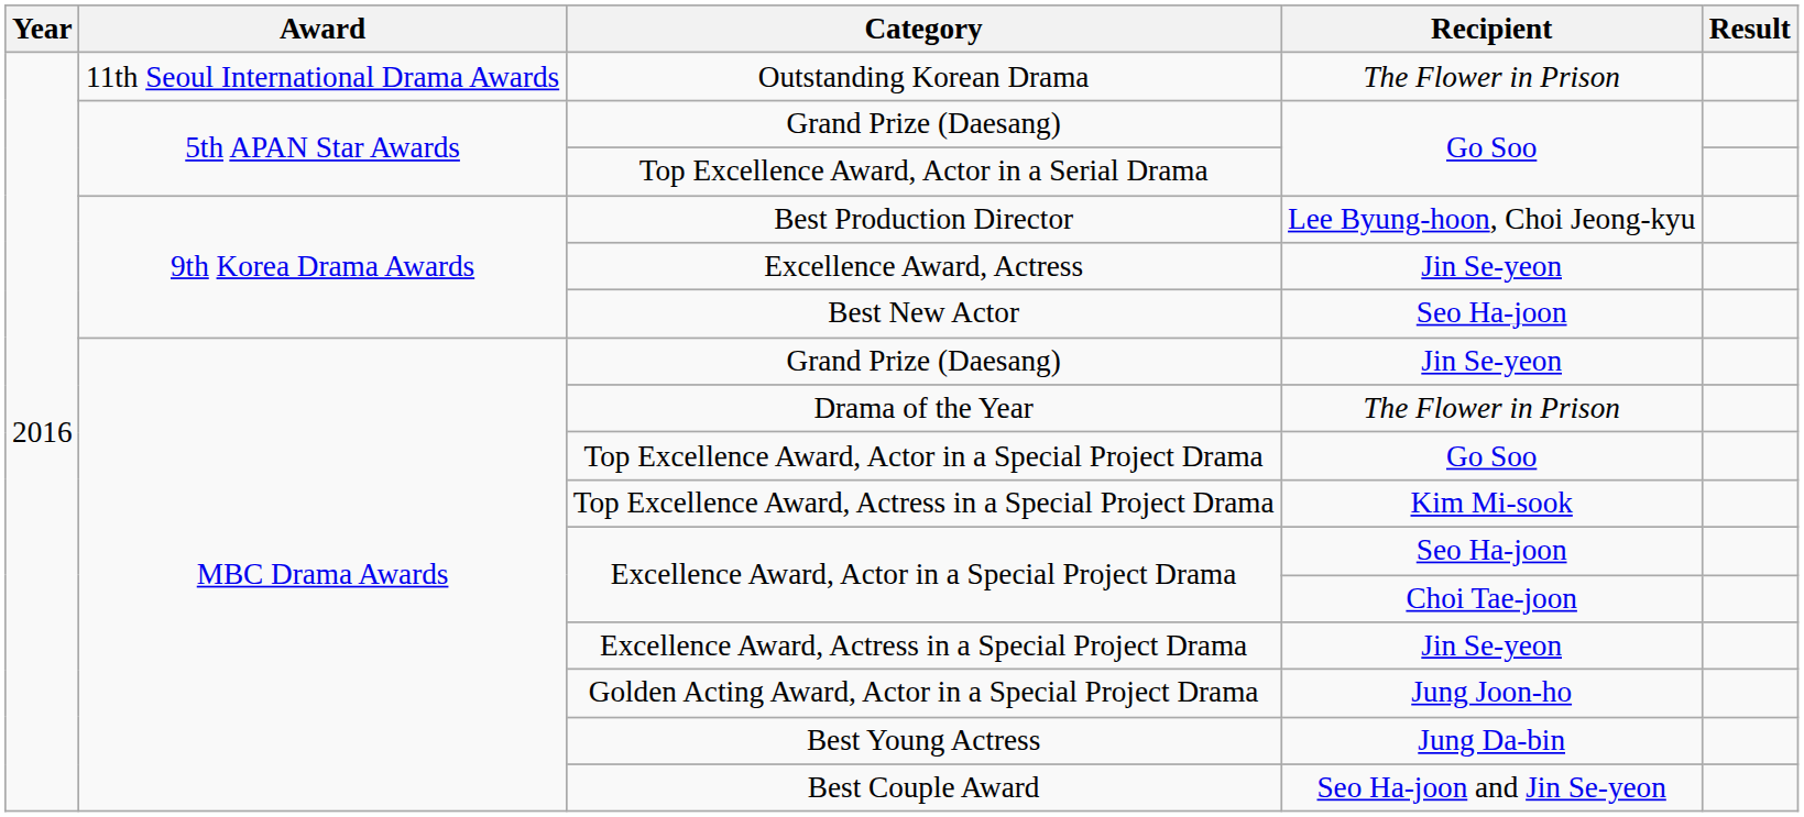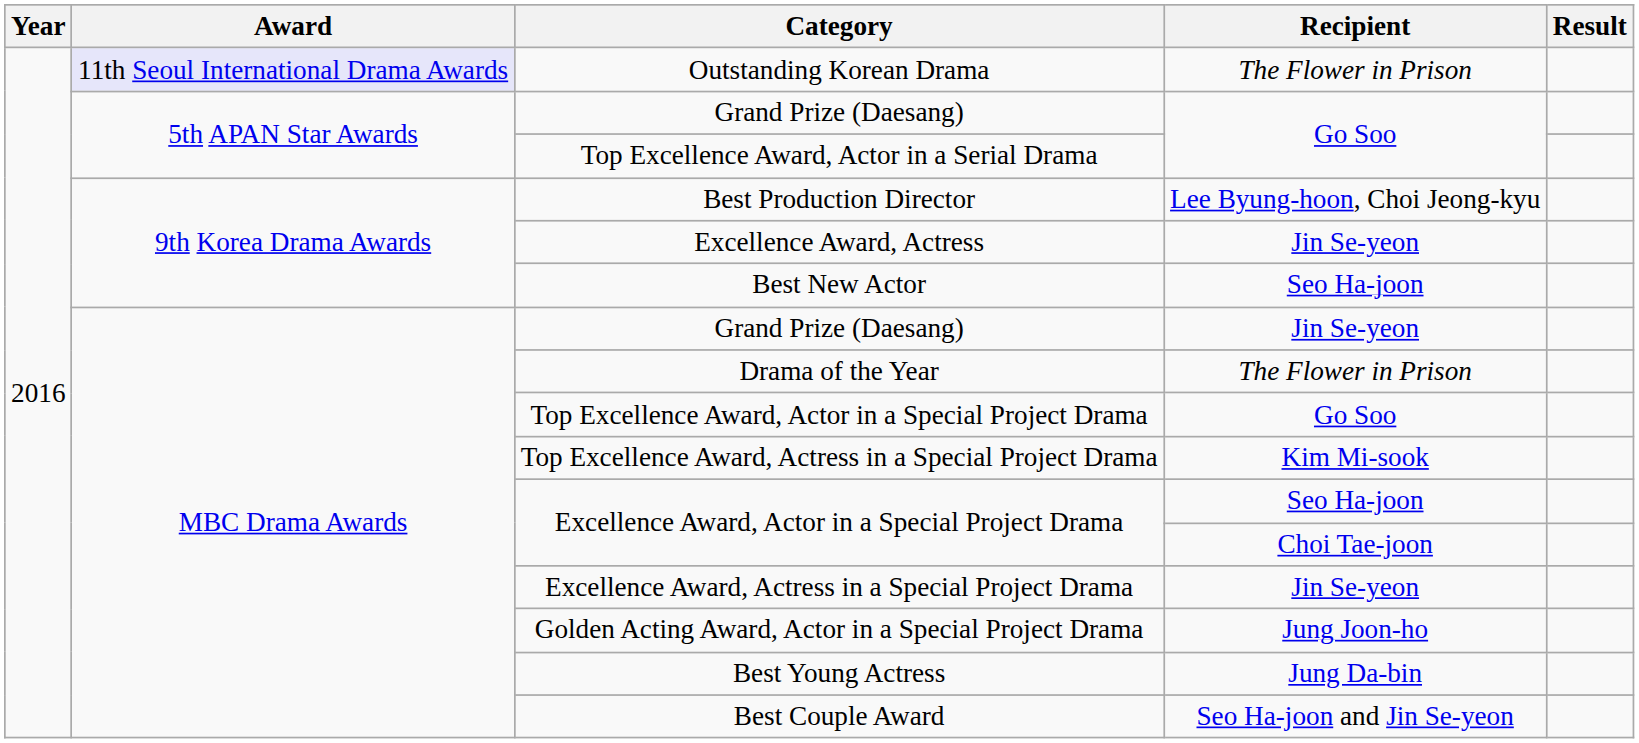 <table class="wikitable" style="text-align:center;">
 <tr>
 <th>Year</th>
 <th>Award</th>
 <th>Category</th>
 <th>Recipient</th>
 <th>Result</th>
 </tr>
 <tr>
 <td rowspan=16>2016</td>
-<td>11th <a href='#'>Seoul International Drama Awards</a></td>
+<td style="background: lavender;">11th <a href='#'>Seoul International Drama Awards</a></td>
 <td>Outstanding Korean Drama</td>
 <td><em>The Flower in Prison</em></td>
 <td></td>
 </tr>
 <tr>
 <td rowspan=2><a href='#'>5th</a> <a href='#'>APAN Star Awards</a></td>
 <td>Grand Prize (Daesang)</td>
 <td rowspan=2><a href='#'>Go Soo</a></td>
 <td></td>
 </tr>
 <tr>
 <td>Top Excellence Award, Actor in a Serial Drama</td>
 <td></td>
 </tr>
 <tr>
 <td rowspan=3><a href='#'>9th</a> <a href='#'>Korea Drama Awards</a></td>
 <td>Best Production Director</td>
 <td><a href='#'>Lee Byung-hoon</a>, Choi Jeong-kyu</td>
 <td></td>
 </tr>
 <tr>
 <td>Excellence Award, Actress</td>
 <td><a href='#'>Jin Se-yeon</a></td>
 <td></td>
 </tr>
 <tr>
 <td>Best New Actor</td>
 <td><a href='#'>Seo Ha-joon</a></td>
 <td></td>
 </tr>
 <tr>
 <td rowspan=10><a href='#'>MBC Drama Awards</a></td>
 <td>Grand Prize (Daesang)</td>
 <td><a href='#'>Jin Se-yeon</a></td>
 <td></td>
 </tr>
 <tr>
 <td>Drama of the Year</td>
 <td><em>The Flower in Prison</em></td>
 <td></td>
 </tr>
 <tr>
 <td>Top Excellence Award, Actor in a Special Project Drama</td>
 <td><a href='#'>Go Soo</a></td>
 <td></td>
 </tr>
 <tr>
 <td>Top Excellence Award, Actress in a Special Project Drama</td>
 <td><a href='#'>Kim Mi-sook</a></td>
 <td></td>
 </tr>
 <tr>
 <td rowspan=2>Excellence Award, Actor in a Special Project Drama</td>
 <td><a href='#'>Seo Ha-joon</a></td>
 <td></td>
 </tr>
 <tr>
 <td><a href='#'>Choi Tae-joon</a></td>
 <td></td>
 </tr>
 <tr>
 <td>Excellence Award, Actress in a Special Project Drama</td>
 <td><a href='#'>Jin Se-yeon</a></td>
 <td></td>
 </tr>
 <tr>
 <td>Golden Acting Award, Actor in a Special Project Drama</td>
 <td><a href='#'>Jung Joon-ho</a></td>
 <td></td>
 </tr>
 <tr>
 <td>Best Young Actress</td>
 <td><a href='#'>Jung Da-bin</a></td>
 <td></td>
 </tr>
 <tr>
 <td>Best Couple Award</td>
 <td><a href='#'>Seo Ha-joon</a> and <a href='#'>Jin Se-yeon</a></td>
 <td></td>
 </tr>
 </table>
